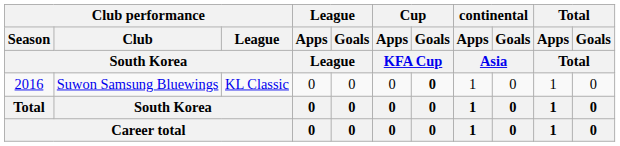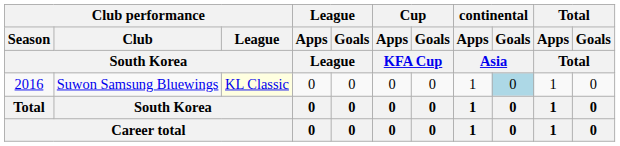 <table class="wikitable" style="text-align:center">
 <tr>
 <th colspan=3>Club performance</th>
 <th colspan=2>League</th>
 <th colspan=2>Cup</th>
 <th colspan=2>continental</th>
 <th colspan=2>Total</th>
 </tr>
 <tr>
 <th>Season</th>
 <th>Club</th>
 <th>League</th>
 <th>Apps</th>
 <th>Goals</th>
 <th>Apps</th>
 <th>Goals</th>
 <th>Apps</th>
 <th>Goals</th>
 <th>Apps</th>
 <th>Goals</th>
 </tr>
 <tr>
 <th colspan=3>South Korea</th>
 <th colspan=2>League</th>
 <th colspan=2><a href='#'>KFA Cup</a></th>
 <th colspan=2><a href='#'>Asia</a></th>
 <th colspan=2>Total</th>
 </tr>
 <tr>
 <td><a href='#'>2016</a></td>
 <td><a href='#'>Suwon Samsung Bluewings</a></td>
-<td><a href='#'>KL Classic</a></td>
+<td style="background: lightyellow;"><a href='#'>KL Classic</a></td>
 <td>0</td>
 <td>0</td>
 <td>0</td>
-<td><strong>0</strong></td>
+<td>0</td>
 <td>1</td>
-<td>0</td>
+<td style="background: lightblue;">0</td>
 <td>1</td>
 <td>0</td>
 </tr>
 <tr>
 <th>Total</th>
 <th colspan=2>South Korea</th>
 <th>0</th>
 <th>0</th>
 <th>0</th>
 <th>0</th>
 <th>1</th>
 <th>0</th>
 <th>1</th>
 <th>0</th>
 </tr>
 <tr>
 <th colspan=3>Career total</th>
 <th>0</th>
 <th>0</th>
 <th>0</th>
 <th>0</th>
 <th>1</th>
 <th>0</th>
 <th>1</th>
 <th>0</th>
 </tr>
 </table>
